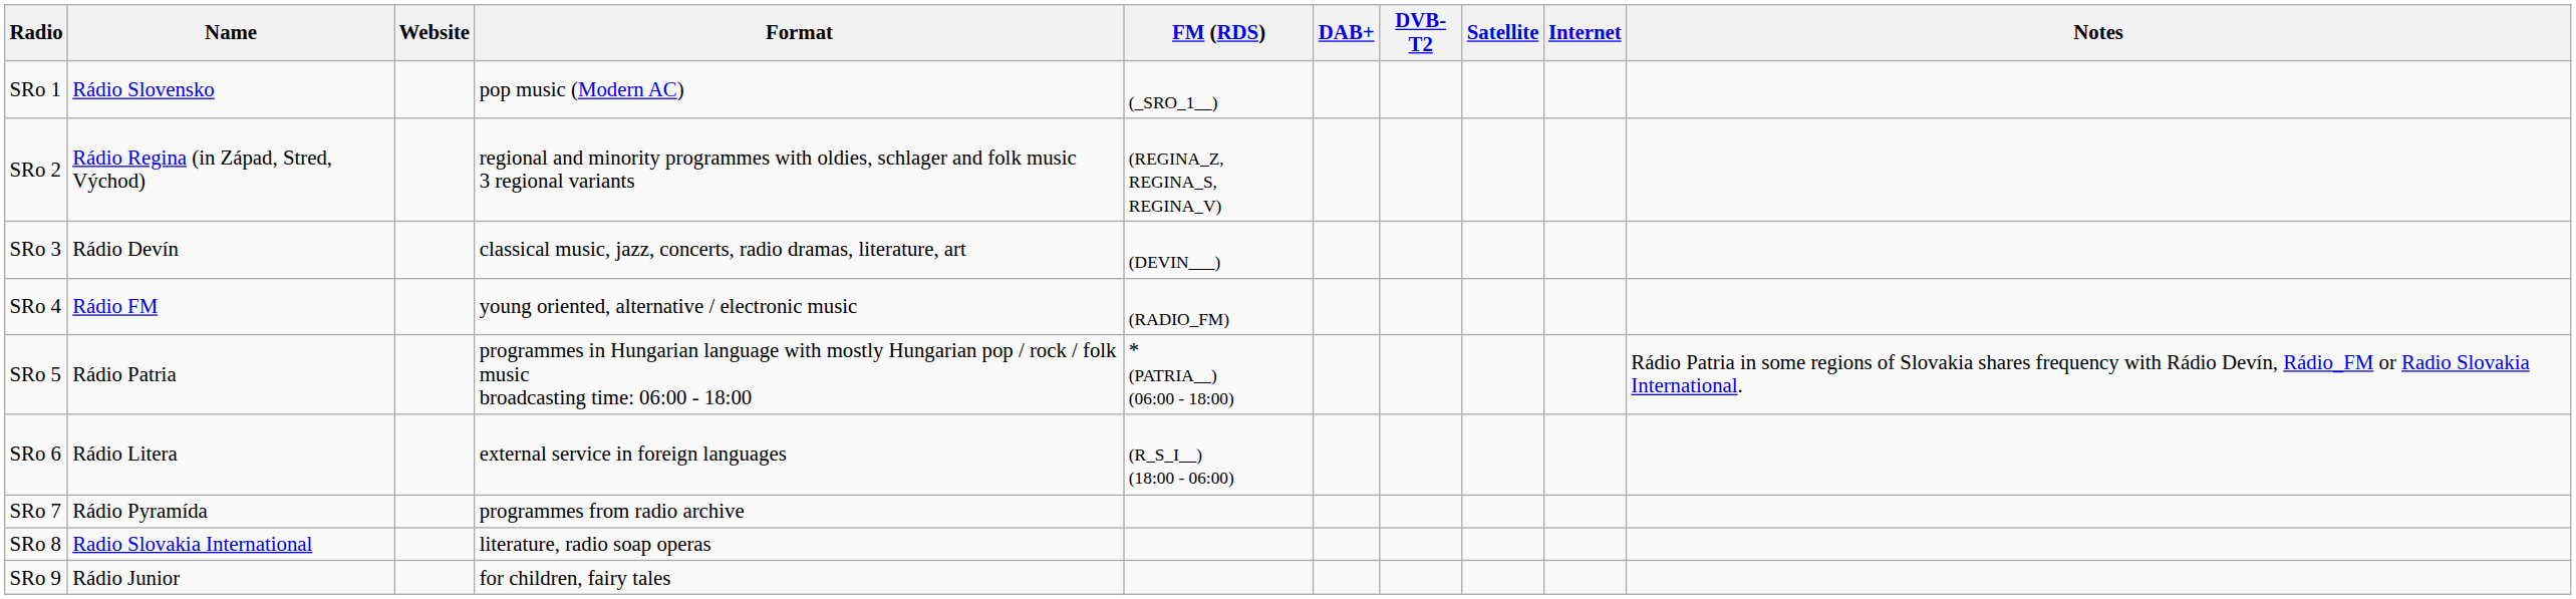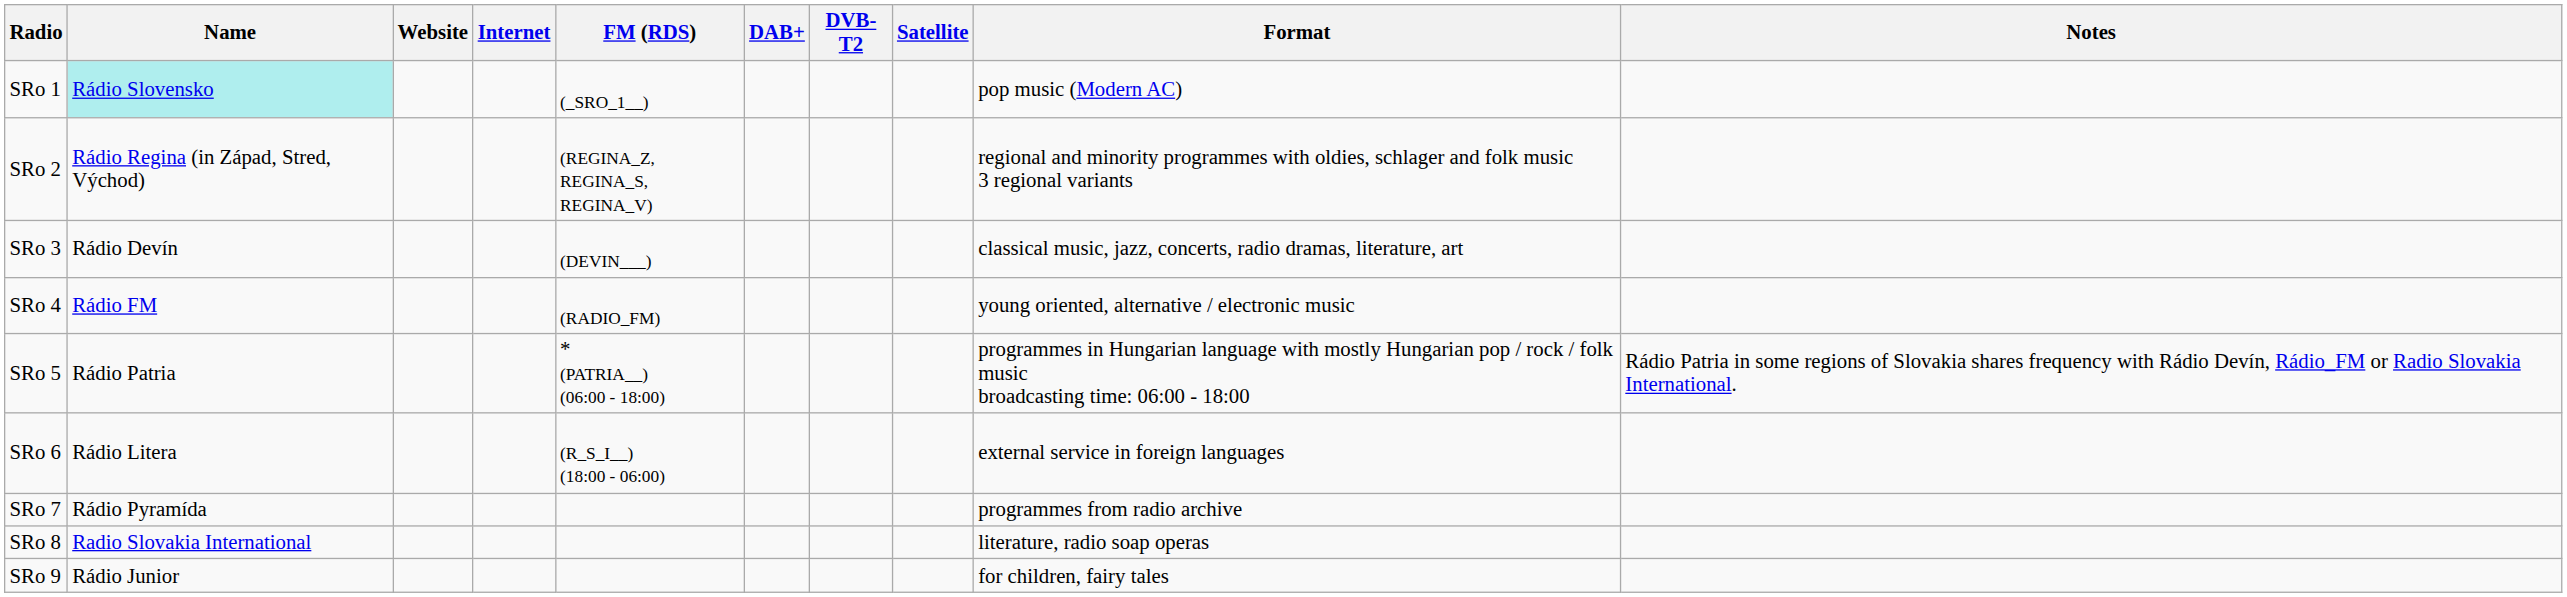 <table class="wikitable" style="text-align:">
 <tr>
 <th>Radio</th>
 <th>Name</th>
 <th>Website</th>
-<th>Format</th>
+<th><a href='#'>Internet</a></th>
 <th><a href='#'>FM</a> (<a href='#'>RDS</a>)</th>
 <th><a href='#'>DAB+</a></th>
 <th><a href='#'>DVB-T2</a></th>
 <th><a href='#'>Satellite</a></th>
-<th><a href='#'>Internet</a></th>
+<th>Format</th>
 <th>Notes</th>
 </tr>
 <tr>
 <td>SRo 1</td>
-<td><a href='#'>Rádio Slovensko</a></td>
+<td style="background: paleturquoise;"><a href='#'>Rádio Slovensko</a></td>
 <td></td>
-<td>pop music (<a href='#'>Modern AC</a>)</td>
+<td></td>
 <td><br><small>(_SRO_1__)</small></td>
 <td></td>
 <td></td>
 <td></td>
-<td></td>
+<td>pop music (<a href='#'>Modern AC</a>)</td>
 <td></td>
 </tr>
 <tr>
 <td>SRo 2</td>
 <td><a href='#'>Rádio Regina</a> (in Západ, Stred, Východ)</td>
 <td></td>
-<td>regional and minority programmes with oldies, schlager and folk music <br> 3 regional variants</td>
+<td></td>
 <td><br><small>(REGINA_Z, REGINA_S,<br>REGINA_V)</small></td>
 <td></td>
 <td></td>
 <td></td>
-<td></td>
+<td>regional and minority programmes with oldies, schlager and folk music <br> 3 regional variants</td>
 <td></td>
 </tr>
 <tr>
 <td>SRo 3</td>
 <td>Rádio Devín</td>
 <td></td>
-<td>classical music, jazz, concerts, radio dramas, literature, art</td>
+<td></td>
 <td><br><small>(DEVIN___)</small></td>
 <td></td>
 <td></td>
 <td></td>
-<td></td>
+<td>classical music, jazz, concerts, radio dramas, literature, art</td>
 <td></td>
 </tr>
 <tr>
 <td>SRo 4</td>
 <td><a href='#'>Rádio FM</a></td>
 <td></td>
-<td>young oriented, alternative / electronic music</td>
+<td></td>
 <td><br><small>(RADIO_FM)</small></td>
 <td></td>
 <td></td>
 <td></td>
-<td></td>
+<td>young oriented, alternative / electronic music</td>
 <td></td>
 </tr>
 <tr>
 <td>SRo 5</td>
 <td>Rádio Patria</td>
 <td></td>
-<td>programmes in Hungarian language with mostly Hungarian pop / rock / folk music <br> broadcasting time: 06:00 - 18:00</td>
+<td></td>
 <td>*<br><small>(PATRIA__)</small> <br> <small>(06:00 - 18:00)</small></td>
 <td></td>
 <td></td>
 <td></td>
-<td></td>
+<td>programmes in Hungarian language with mostly Hungarian pop / rock / folk music <br> broadcasting time: 06:00 - 18:00</td>
 <td>Rádio Patria in some regions of Slovakia shares frequency with Rádio Devín, <a href='#'>Rádio_FM</a> or <a href='#'>Radio Slovakia International</a>.</td>
 </tr>
 <tr>
 <td>SRo 6</td>
 <td>Rádio Litera</td>
 <td></td>
-<td>external service in foreign languages</td>
+<td></td>
 <td><br><small>(R_S_I__)</small> <br> <small>(18:00 - 06:00)</small></td>
 <td></td>
 <td></td>
 <td></td>
-<td></td>
+<td>external service in foreign languages</td>
 <td></td>
 </tr>
 <tr>
 <td>SRo 7</td>
 <td>Rádio Pyramída</td>
 <td></td>
+<td></td>
+<td></td>
+<td></td>
+<td></td>
+<td></td>
 <td>programmes from radio archive</td>
+<td></td>
+</tr>
+<tr>
+<td>SRo 8</td>
+<td><a href='#'>Radio Slovakia International</a></td>
 <td></td>
 <td></td>
 <td></td>
 <td></td>
 <td></td>
 <td></td>
+<td>literature, radio soap operas</td>
+<td></td>
 </tr>
 <tr>
-<td>SRo 8</td>
-<td><a href='#'>Radio Slovakia International</a></td>
-<td></td>
-<td>literature, radio soap operas</td>
+<td>SRo 9</td>
+<td>Rádio Junior</td>
 <td></td>
 <td></td>
 <td></td>
 <td></td>
 <td></td>
 <td></td>
-</tr>
-<tr>
-<td>SRo 9</td>
-<td>Rádio Junior</td>
-<td></td>
 <td>for children, fairy tales</td>
-<td></td>
-<td></td>
-<td></td>
-<td></td>
-<td></td>
 <td></td>
 </tr>
 </table>
